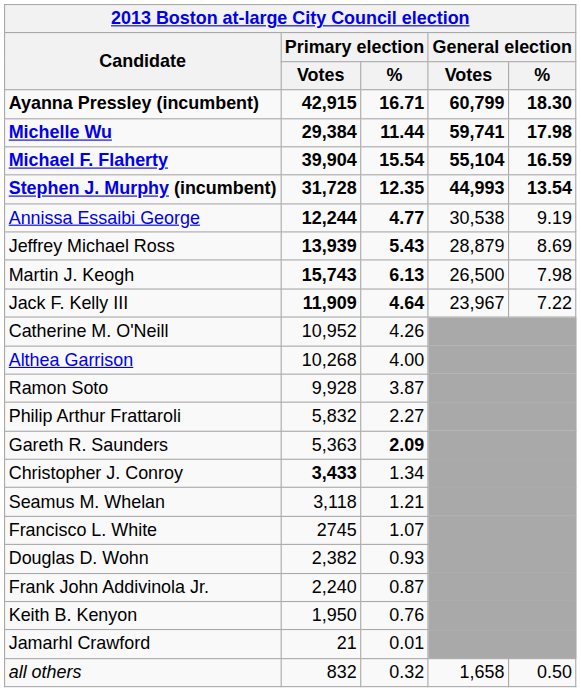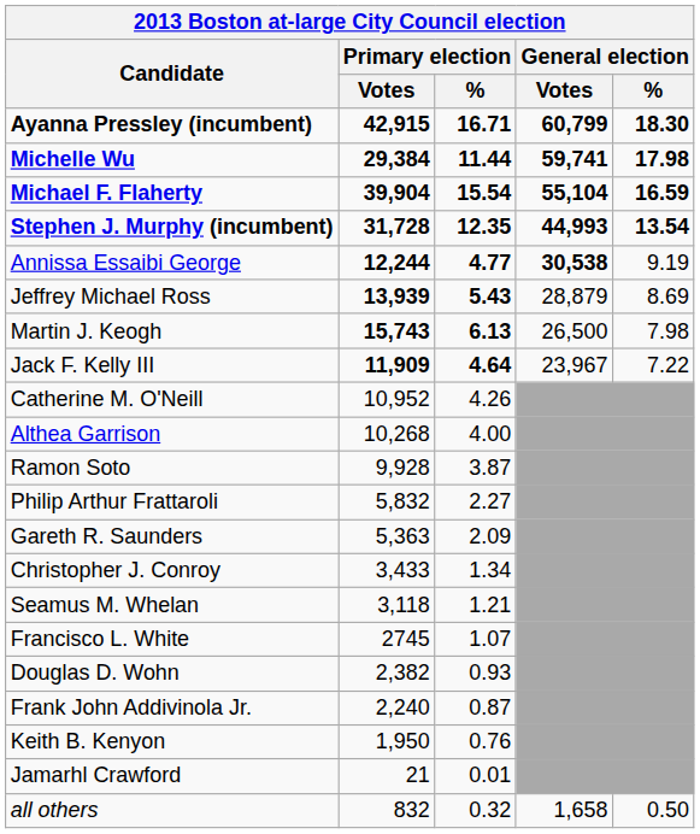 <table class=wikitable>
 <tr>
 <th colspan=5><a href='#'>2013 Boston at-large City Council election</a></th>
 </tr>
 <tr>
 <th colspan=1 rowspan=2>Candidate</th>
 <th colspan=2><strong>Primary election</strong></th>
 <th colspan=2><strong>General election</strong></th>
 </tr>
 <tr>
 <th>Votes</th>
 <th>%</th>
 <th>Votes</th>
 <th>%</th>
 </tr>
 <tr>
 <td><strong>Ayanna Pressley (incumbent) </strong></td>
 <td align="right"><strong>42,915</strong></td>
 <td align="right"><strong>16.71</strong></td>
 <td align="right"><strong>60,799</strong></td>
 <td align="right"><strong>18.30</strong></td>
 </tr>
 <tr>
 <td><strong><a href='#'>Michelle Wu</a></strong></td>
 <td align="right"><strong>29,384</strong></td>
 <td align="right"><strong>11.44</strong></td>
 <td align="right"><strong>59,741</strong></td>
 <td align="right"><strong>17.98</strong></td>
 </tr>
 <tr>
 <td><strong><a href='#'>Michael F. Flaherty</a></strong></td>
 <td align="right"><strong>39,904</strong></td>
 <td align="right"><strong>15.54</strong></td>
 <td align="right"><strong>55,104</strong></td>
 <td align="right"><strong>16.59</strong></td>
 </tr>
 <tr>
 <td><strong><a href='#'>Stephen J. Murphy</a> (incumbent)</strong></td>
 <td align="right"><strong>31,728</strong></td>
 <td align="right"><strong>12.35</strong></td>
 <td align="right"><strong>44,993</strong></td>
 <td align="right"><strong>13.54</strong></td>
 </tr>
 <tr>
 <td><a href='#'>Annissa Essaibi George</a></td>
 <td align="right"><strong>12,244</strong></td>
 <td align="right"><strong>4.77</strong></td>
-<td align="right">30,538</td>
+<td align="right"><strong>30,538</strong></td>
 <td align="right">9.19</td>
 </tr>
 <tr>
 <td>Jeffrey Michael Ross</td>
 <td align="right"><strong>13,939</strong></td>
 <td align="right"><strong>5.43</strong></td>
 <td align="right">28,879</td>
 <td align="right">8.69</td>
 </tr>
 <tr>
 <td>Martin J. Keogh</td>
 <td align="right"><strong>15,743</strong></td>
 <td align="right"><strong>6.13</strong></td>
 <td align="right">26,500</td>
 <td align="right">7.98</td>
 </tr>
 <tr>
 <td>Jack F. Kelly III</td>
 <td align="right"><strong>11,909</strong></td>
 <td align="right"><strong>4.64</strong></td>
 <td align="right">23,967</td>
 <td align="right">7.22</td>
 </tr>
 <tr>
 <td>Catherine M. O'Neill</td>
 <td align="right">10,952</td>
 <td align="right">4.26</td>
 <td colspan=2 bgcolor=darkgray> </td>
 </tr>
 <tr>
 <td><a href='#'>Althea Garrison</a></td>
 <td align="right">10,268</td>
 <td align="right">4.00</td>
 <td colspan=2 bgcolor=darkgray> </td>
 </tr>
 <tr>
 <td>Ramon Soto</td>
 <td align="right">9,928</td>
 <td align="right">3.87</td>
 <td colspan=2 bgcolor=darkgray> </td>
 </tr>
 <tr>
 <td>Philip Arthur Frattaroli</td>
 <td align="right">5,832</td>
 <td align="right">2.27</td>
 <td colspan=2 bgcolor=darkgray> </td>
 </tr>
 <tr>
 <td>Gareth R. Saunders</td>
 <td align="right">5,363</td>
-<td align="right"><strong>2.09</strong></td>
+<td align="right">2.09</td>
 <td colspan=2 bgcolor=darkgray> </td>
 </tr>
 <tr>
 <td>Christopher J. Conroy</td>
-<td align="right"><strong>3,433</strong></td>
+<td align="right">3,433</td>
 <td align="right">1.34</td>
 <td colspan=2 bgcolor=darkgray> </td>
 </tr>
 <tr>
 <td>Seamus M. Whelan</td>
 <td align="right">3,118</td>
 <td align="right">1.21</td>
 <td colspan=2 bgcolor=darkgray> </td>
 </tr>
 <tr>
 <td>Francisco L. White</td>
 <td align="right">2745</td>
 <td align="right">1.07</td>
 <td colspan=2 bgcolor=darkgray> </td>
 </tr>
 <tr>
 <td>Douglas D. Wohn</td>
 <td align="right">2,382</td>
 <td align="right">0.93</td>
 <td colspan=2 bgcolor=darkgray> </td>
 </tr>
 <tr>
 <td>Frank John Addivinola Jr.</td>
 <td align="right">2,240</td>
 <td align="right">0.87</td>
 <td colspan=2 bgcolor=darkgray> </td>
 </tr>
 <tr>
 <td>Keith B. Kenyon</td>
 <td align="right">1,950</td>
 <td align="right">0.76</td>
 <td colspan=2 bgcolor=darkgray> </td>
 </tr>
 <tr>
 <td>Jamarhl Crawford</td>
 <td align="right">21</td>
 <td align="right">0.01</td>
 <td colspan=2 bgcolor=darkgray> </td>
 </tr>
 <tr>
 <td><em>all others</em></td>
 <td align="right">832</td>
 <td align="right">0.32</td>
 <td align="right">1,658</td>
 <td align="right">0.50</td>
 </tr>
 </table>
